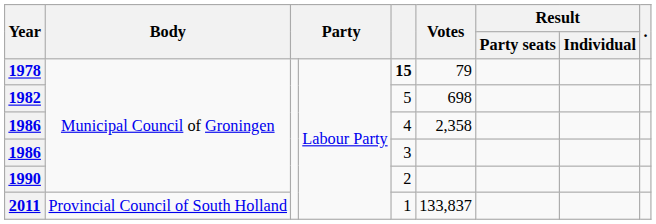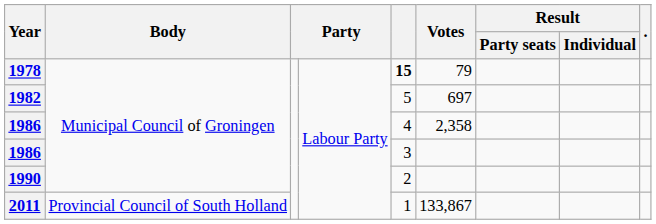 <table class="wikitable plainrowheaders sortable" border=2 cellpadding=4 cellspacing=0 style="border: 1px #aaa solid; font-size: 90%; text-align:center;">
 <tr>
 <th scope="col" rowspan=2>Year</th>
 <th scope="col" rowspan=2>Body</th>
 <th scope="col" colspan=2 rowspan=2>Party</th>
 <th scope="col" rowspan=2></th>
 <th scope="col" rowspan=2>Votes</th>
 <th scope="colgroup" colspan=2>Result</th>
 <th scope="col" rowspan=2 class="unsortable">.</th>
 </tr>
 <tr>
 <th scope="col">Party seats</th>
 <th scope="col">Individual</th>
 </tr>
 <tr>
 <th scope="row"><a href='#'>1978</a></th>
 <td rowspan=5><a href='#'>Municipal Council</a> of <a href='#'>Groningen</a></td>
 <td rowspan=6 style="background-color:"></td>
 <td rowspan=6><a href='#'>Labour Party</a></td>
 <td style=text-align:right><strong>15</strong></td>
 <td style=text-align:right>79</td>
 <td style=text-align:right></td>
 <td></td>
 <td></td>
 </tr>
 <tr>
 <th scope="row"><a href='#'>1982</a></th>
 <td style=text-align:right>5</td>
-<td style=text-align:right>698</td>
+<td style=text-align:right>697</td>
 <td style=text-align:right></td>
 <td></td>
 <td></td>
 </tr>
 <tr>
 <th scope="row"><a href='#'>1986</a></th>
 <td style=text-align:right>4</td>
 <td style=text-align:right>2,358</td>
 <td style=text-align:right></td>
 <td></td>
 <td></td>
 </tr>
 <tr>
 <th scope="row"><a href='#'>1986</a></th>
 <td style=text-align:right>3</td>
 <td style=text-align:right></td>
 <td style=text-align:right></td>
 <td></td>
 <td></td>
 </tr>
 <tr>
 <th scope="row"><a href='#'>1990</a></th>
 <td style=text-align:right>2</td>
 <td style=text-align:right></td>
 <td style=text-align:right></td>
 <td></td>
 <td></td>
 </tr>
 <tr>
 <th scope="row"><a href='#'>2011</a></th>
 <td><a href='#'>Provincial Council of South Holland</a></td>
 <td style=text-align:right>1</td>
-<td style=text-align:right>133,837</td>
+<td style=text-align:right>133,867</td>
 <td style=text-align:right></td>
 <td></td>
 <td></td>
 </tr>
 </table>
